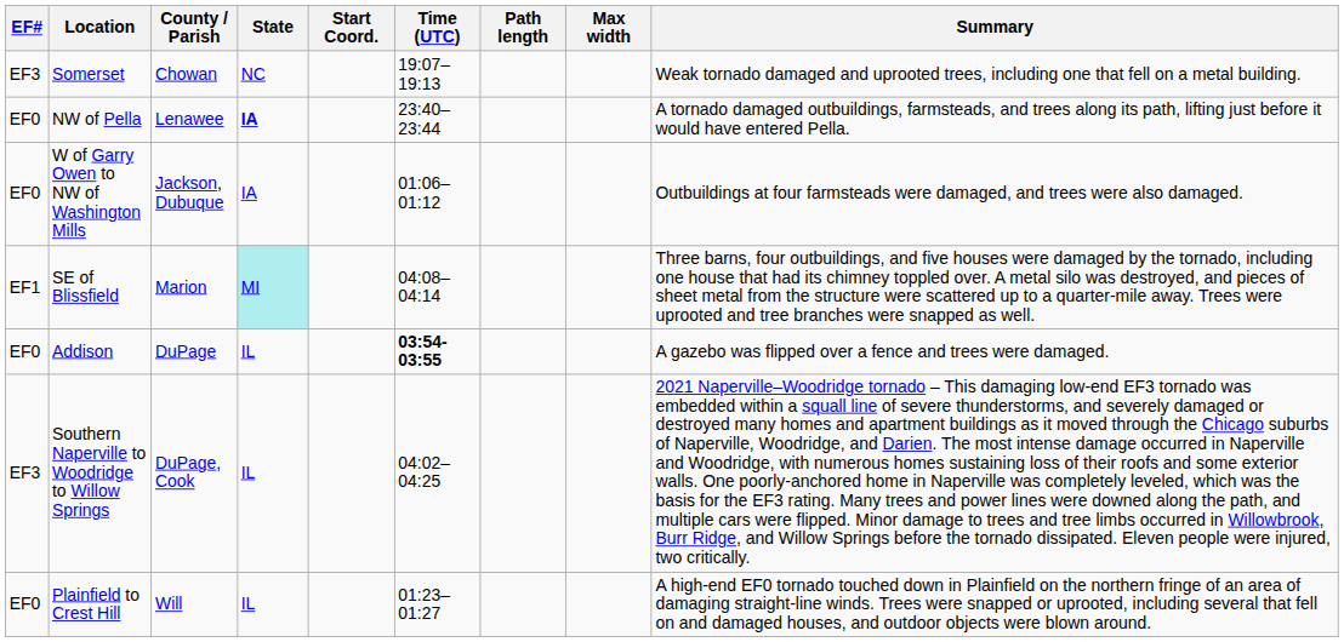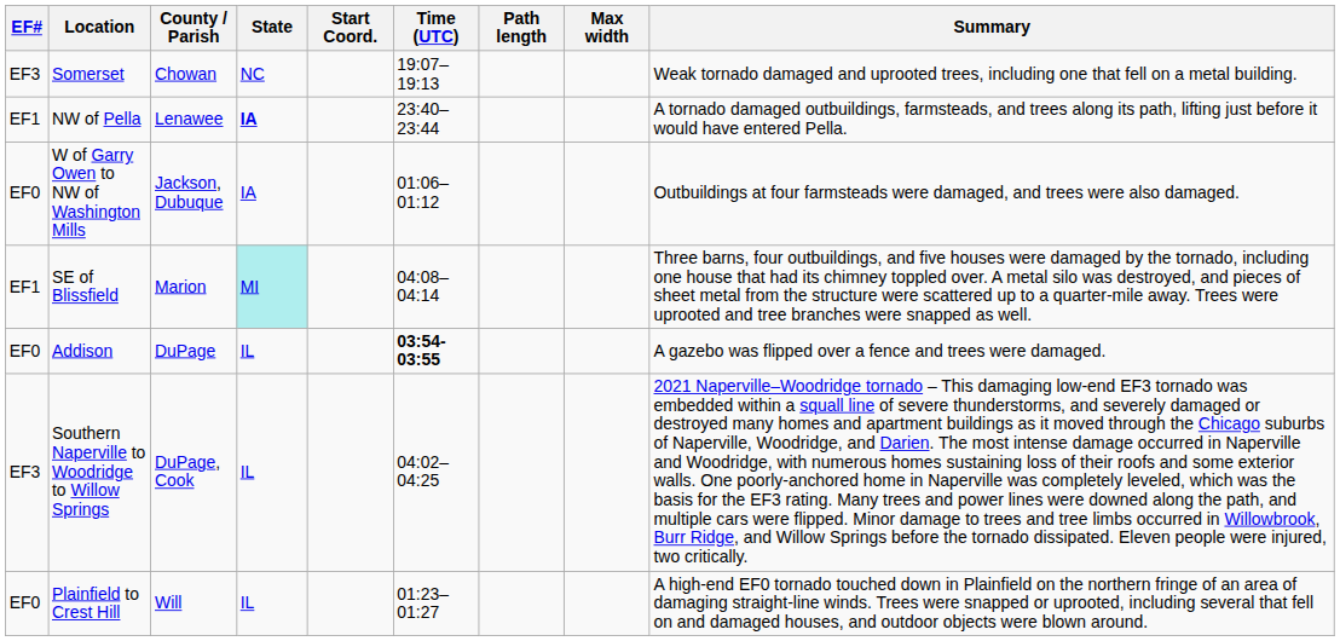 <table class="wikitable sortable" style="width:100%;">
 <tr>
 <th scope="col"  style="width:3%; text-align:center;"><a href='#'>EF#</a></th>
 <th scope="col"  style="width:7%; text-align:center;" class="unsortable">Location</th>
 <th scope="col"  style="width:6%; text-align:center;" class="unsortable">County / Parish</th>
 <th scope="col"  style="width:5%; text-align:center;">State</th>
 <th scope="col"  style="width:6%; text-align:center;">Start Coord.</th>
 <th scope="col"  style="width:6%; text-align:center;">Time (<a href='#'>UTC</a>)</th>
 <th scope="col"  style="width:6%; text-align:center;">Path length</th>
 <th scope="col"  style="width:6%; text-align:center;">Max width</th>
 <th scope="col" class="unsortable" style="width:48%; text-align:center;">Summary</th>
 </tr>
 <tr>
 <td>EF3</td>
 <td><a href='#'>Somerset</a></td>
 <td><a href='#'>Chowan</a></td>
 <td><a href='#'>NC</a></td>
 <td></td>
 <td>19:07–19:13</td>
 <td></td>
 <td></td>
 <td>Weak tornado damaged and uprooted trees, including one that fell on a metal building.</td>
 </tr>
 <tr>
-<td>EF0</td>
+<td>EF1</td>
 <td>NW of <a href='#'>Pella</a></td>
 <td><a href='#'>Lenawee</a></td>
 <td><strong><a href='#'>IA</a></strong></td>
 <td></td>
 <td>23:40–23:44</td>
 <td></td>
 <td></td>
 <td>A tornado damaged outbuildings, farmsteads, and trees along its path, lifting just before it would have entered Pella.</td>
 </tr>
 <tr>
 <td>EF0</td>
 <td>W of <a href='#'>Garry Owen</a> to NW of <a href='#'>Washington Mills</a></td>
 <td><a href='#'>Jackson</a>, <a href='#'>Dubuque</a></td>
 <td><a href='#'>IA</a></td>
 <td></td>
 <td>01:06–01:12</td>
 <td></td>
 <td></td>
 <td>Outbuildings at four farmsteads were damaged, and trees were also damaged.</td>
 </tr>
 <tr>
 <td>EF1</td>
 <td>SE of <a href='#'>Blissfield</a></td>
 <td><a href='#'>Marion</a></td>
 <td style="background: paleturquoise;"><a href='#'>MI</a></td>
 <td></td>
 <td>04:08–04:14</td>
 <td></td>
 <td></td>
 <td>Three barns, four outbuildings, and five houses were damaged by the tornado, including one house that had its chimney toppled over. A metal silo was destroyed, and pieces of sheet metal from the structure were scattered up to a quarter-mile away. Trees were uprooted and tree branches were snapped as well.</td>
 </tr>
 <tr>
 <td>EF0</td>
 <td><a href='#'>Addison</a></td>
 <td><a href='#'>DuPage</a></td>
 <td><a href='#'>IL</a></td>
 <td></td>
 <td><strong>03:54-03:55</strong></td>
 <td></td>
 <td></td>
 <td>A gazebo was flipped over a fence and trees were damaged.</td>
 </tr>
 <tr>
 <td>EF3</td>
 <td>Southern <a href='#'>Naperville</a> to <a href='#'>Woodridge</a> to <a href='#'>Willow Springs</a></td>
 <td><a href='#'>DuPage</a>, <a href='#'>Cook</a></td>
 <td><a href='#'>IL</a></td>
 <td></td>
 <td>04:02–04:25</td>
 <td></td>
 <td></td>
 <td><a href='#'>2021 Naperville–Woodridge tornado</a> – This damaging low-end EF3 tornado was embedded within a <a href='#'>squall line</a> of severe thunderstorms, and severely damaged or destroyed many homes and apartment buildings as it moved through the <a href='#'>Chicago</a> suburbs of Naperville, Woodridge, and <a href='#'>Darien</a>. The most intense damage occurred in Naperville and Woodridge, with numerous homes sustaining loss of their roofs and some exterior walls. One poorly-anchored home in Naperville was completely leveled, which was the basis for the EF3 rating. Many trees and power lines were downed along the path, and multiple cars were flipped. Minor damage to trees and tree limbs occurred in <a href='#'>Willowbrook</a>, <a href='#'>Burr Ridge</a>, and Willow Springs before the tornado dissipated. Eleven people were injured, two critically.</td>
 </tr>
 <tr>
 <td>EF0</td>
 <td><a href='#'>Plainfield</a> to <a href='#'>Crest Hill</a></td>
 <td><a href='#'>Will</a></td>
 <td><a href='#'>IL</a></td>
 <td></td>
 <td>01:23–01:27</td>
 <td></td>
 <td></td>
 <td>A high-end EF0 tornado touched down in Plainfield on the northern fringe of an area of damaging straight-line winds. Trees were snapped or uprooted, including several that fell on and damaged houses, and outdoor objects were blown around.</td>
 </tr>
 </table>
